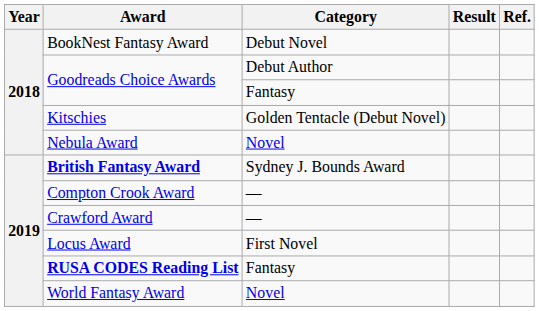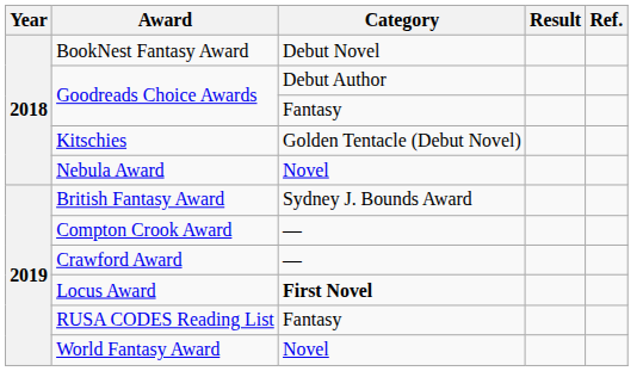 <table class="wikitable sortable">
 <tr>
 <th>Year</th>
 <th>Award</th>
 <th>Category</th>
 <th>Result</th>
 <th>Ref.</th>
 </tr>
 <tr>
 <th rowspan="5">2018</th>
 <td>BookNest Fantasy Award</td>
 <td>Debut Novel</td>
 <td></td>
 <td></td>
 </tr>
 <tr>
 <td rowspan="2"><a href='#'>Goodreads Choice Awards</a></td>
 <td>Debut Author</td>
 <td></td>
 <td></td>
 </tr>
 <tr>
 <td>Fantasy</td>
 <td></td>
 <td></td>
 </tr>
 <tr>
 <td><a href='#'>Kitschies</a></td>
 <td>Golden Tentacle (Debut Novel)</td>
 <td></td>
 <td></td>
 </tr>
 <tr>
 <td><a href='#'>Nebula Award</a></td>
 <td><a href='#'>Novel</a></td>
 <td></td>
 <td></td>
 </tr>
 <tr>
 <th rowspan="6">2019</th>
-<td><strong><a href='#'>British Fantasy Award</a></strong></td>
+<td><a href='#'>British Fantasy Award</a></td>
 <td>Sydney J. Bounds Award</td>
 <td></td>
 <td></td>
 </tr>
 <tr>
 <td><a href='#'>Compton Crook Award</a></td>
 <td>—</td>
 <td></td>
 <td></td>
 </tr>
 <tr>
 <td><a href='#'>Crawford Award</a></td>
 <td>—</td>
 <td></td>
 <td></td>
 </tr>
 <tr>
 <td><a href='#'>Locus Award</a></td>
-<td>First Novel</td>
+<td><strong>First Novel</strong></td>
 <td></td>
 <td></td>
 </tr>
 <tr>
-<td><strong><a href='#'>RUSA CODES Reading List</a></strong></td>
+<td><a href='#'>RUSA CODES Reading List</a></td>
 <td>Fantasy</td>
 <td></td>
 <td></td>
 </tr>
 <tr>
 <td><a href='#'>World Fantasy Award</a></td>
 <td><a href='#'>Novel</a></td>
 <td></td>
 <td></td>
 </tr>
 </table>
